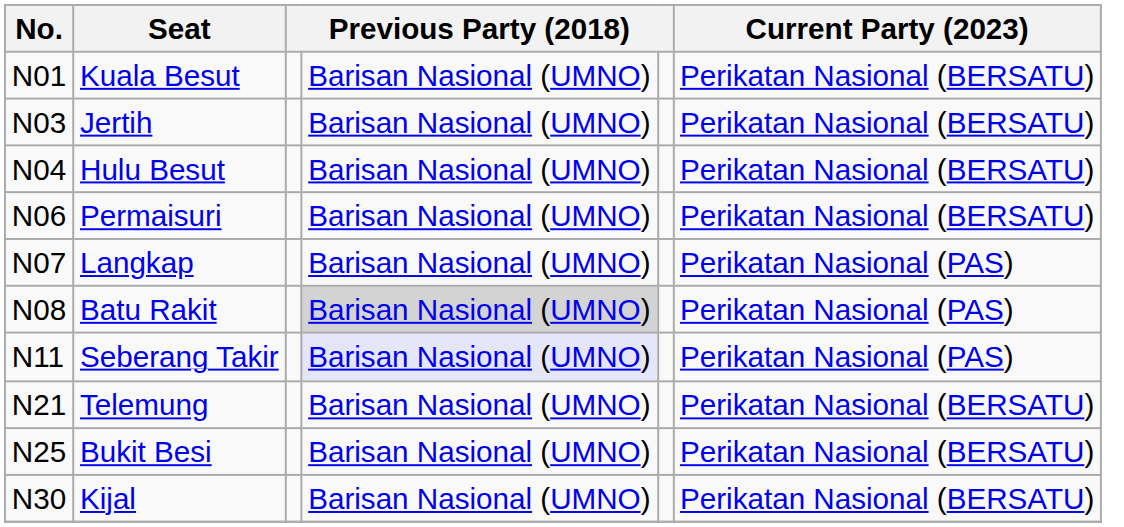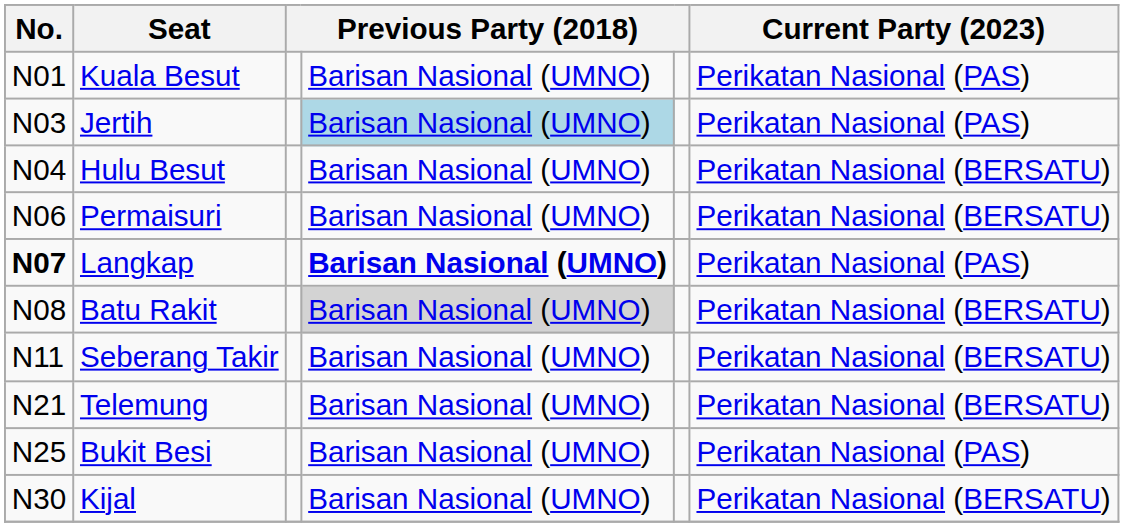 <table class="wikitable sortable" style="font-size:95%;">
 <tr>
 <th scope="col">No.</th>
 <th scope="col">Seat</th>
 <th colspan="3" scope="col">Previous Party (2018)</th>
 <th colspan="3" scope="col">Current Party (2023)</th>
 </tr>
 <tr>
 <td>N01</td>
 <td><a href='#'>Kuala Besut</a></td>
 <td width="1"></td>
 <td><a href='#'>Barisan Nasional</a> (<a href='#'>UMNO</a>)</td>
 <td width="1"></td>
-<td><a href='#'>Perikatan Nasional</a> (<a href='#'>BERSATU</a>)</td>
+<td><a href='#'>Perikatan Nasional</a> (<a href='#'>PAS</a>)</td>
 </tr>
 <tr>
 <td>N03</td>
 <td><a href='#'>Jertih</a></td>
 <td width="1"></td>
-<td><a href='#'>Barisan Nasional</a> (<a href='#'>UMNO</a>)</td>
+<td style="background: lightblue;"><a href='#'>Barisan Nasional</a> (<a href='#'>UMNO</a>)</td>
 <td width="1"></td>
-<td><a href='#'>Perikatan Nasional</a> (<a href='#'>BERSATU</a>)</td>
+<td><a href='#'>Perikatan Nasional</a> (<a href='#'>PAS</a>)</td>
 </tr>
 <tr>
 <td>N04</td>
 <td><a href='#'>Hulu Besut</a></td>
 <td width="1"></td>
 <td><a href='#'>Barisan Nasional</a> (<a href='#'>UMNO</a>)</td>
 <td width="1"></td>
 <td><a href='#'>Perikatan Nasional</a> (<a href='#'>BERSATU</a>)</td>
 </tr>
 <tr>
 <td>N06</td>
 <td><a href='#'>Permaisuri</a></td>
 <td width="1"></td>
 <td><a href='#'>Barisan Nasional</a> (<a href='#'>UMNO</a>)</td>
 <td width="1"></td>
 <td><a href='#'>Perikatan Nasional</a> (<a href='#'>BERSATU</a>)</td>
 </tr>
 <tr>
-<td>N07</td>
+<td><strong>N07</strong></td>
 <td><a href='#'>Langkap</a></td>
 <td width="1"></td>
-<td><a href='#'>Barisan Nasional</a> (<a href='#'>UMNO</a>)</td>
+<td><strong><a href='#'>Barisan Nasional</a> (<a href='#'>UMNO</a>)</strong></td>
 <td width="1"></td>
 <td><a href='#'>Perikatan Nasional</a> (<a href='#'>PAS</a>)</td>
 </tr>
 <tr>
 <td>N08</td>
 <td><a href='#'>Batu Rakit</a></td>
 <td width="1"></td>
 <td style="background: lightgrey;"><a href='#'>Barisan Nasional</a> (<a href='#'>UMNO</a>)</td>
 <td width="1"></td>
-<td><a href='#'>Perikatan Nasional</a> (<a href='#'>PAS</a>)</td>
+<td><a href='#'>Perikatan Nasional</a> (<a href='#'>BERSATU</a>)</td>
 </tr>
 <tr>
 <td>N11</td>
 <td><a href='#'>Seberang Takir</a></td>
 <td width="1"></td>
-<td style="background: lavender;"><a href='#'>Barisan Nasional</a> (<a href='#'>UMNO</a>)</td>
+<td><a href='#'>Barisan Nasional</a> (<a href='#'>UMNO</a>)</td>
 <td width="1"></td>
-<td><a href='#'>Perikatan Nasional</a> (<a href='#'>PAS</a>)</td>
+<td><a href='#'>Perikatan Nasional</a> (<a href='#'>BERSATU</a>)</td>
 </tr>
 <tr>
 <td>N21</td>
 <td><a href='#'>Telemung</a></td>
 <td width="1"></td>
 <td><a href='#'>Barisan Nasional</a> (<a href='#'>UMNO</a>)</td>
 <td width="1"></td>
 <td><a href='#'>Perikatan Nasional</a> (<a href='#'>BERSATU</a>)</td>
 </tr>
 <tr>
 <td>N25</td>
 <td><a href='#'>Bukit Besi</a></td>
 <td width="1"></td>
 <td><a href='#'>Barisan Nasional</a> (<a href='#'>UMNO</a>)</td>
 <td width="1"></td>
-<td><a href='#'>Perikatan Nasional</a> (<a href='#'>BERSATU</a>)</td>
+<td><a href='#'>Perikatan Nasional</a> (<a href='#'>PAS</a>)</td>
 </tr>
 <tr>
 <td>N30</td>
 <td><a href='#'>Kijal</a></td>
 <td width="1"></td>
 <td><a href='#'>Barisan Nasional</a> (<a href='#'>UMNO</a>)</td>
 <td width="1"></td>
 <td><a href='#'>Perikatan Nasional</a> (<a href='#'>BERSATU</a>)</td>
 </tr>
 <tr>
 </tr>
 </table>
